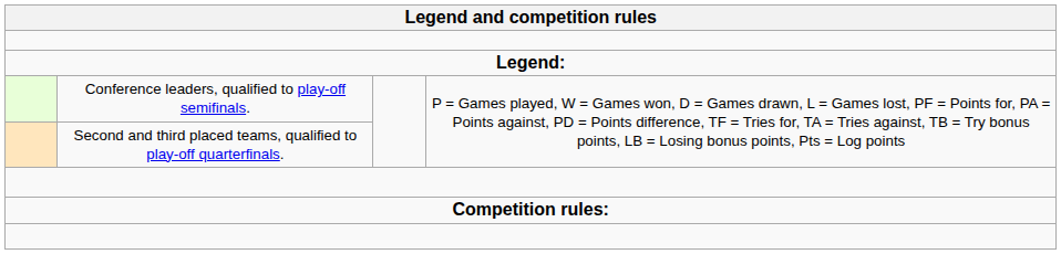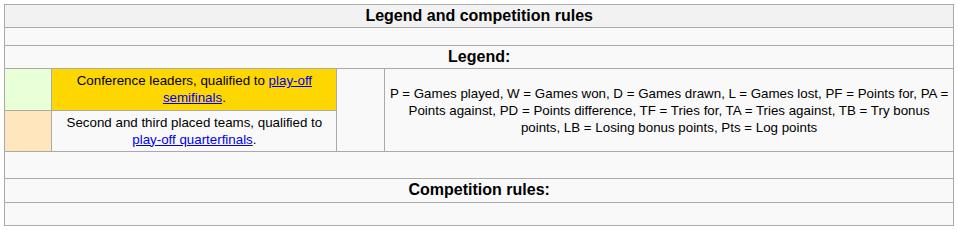 <table class="wikitable collapsible collapsed" style="text-align:center; line-height:100%; font-size:100%; width:60%;">
 <tr>
 <th colspan="100%" style="border:0px">Legend and competition rules</th>
 </tr>
 <tr>
 <td colspan="100%" style="height:10px"></td>
 </tr>
 <tr>
 <td colspan="100%" style="border:0px"><strong>Legend:</strong></td>
 </tr>
 <tr>
 <td style="height:10px; width:5%; background:#E8FFD8;"></td>
-<td style="width:30%;"><small>Conference leaders, qualified to <a href='#'>play-off semifinals</a>.</small></td>
+<td style="background: gold; width:30%;"><small>Conference leaders, qualified to <a href='#'>play-off semifinals</a>.</small></td>
 <td rowspan="2" style="width:5%;"></td>
 <td rowspan="2" style="width:60%;"><small>P = Games played, W = Games won, D = Games drawn, L = Games lost, PF = Points for, PA = Points against, PD = Points difference, TF = Tries for, TA = Tries against, TB = Try bonus points, LB = Losing bonus points, Pts = Log points</small></td>
 </tr>
 <tr>
 <td style="height:10px; background:#FFE6BD;"></td>
 <td><small>Second and third placed teams, qualified to <a href='#'>play-off quarterfinals</a>.</small></td>
 </tr>
 <tr>
 <td colspan="100%" style="height: 20px;"></td>
 </tr>
 <tr>
 <td colspan="100%" style="border:0px"><strong>Competition rules:</strong></td>
 </tr>
 <tr>
 <td colspan="100%"><br></td>
 </tr>
 </table>
